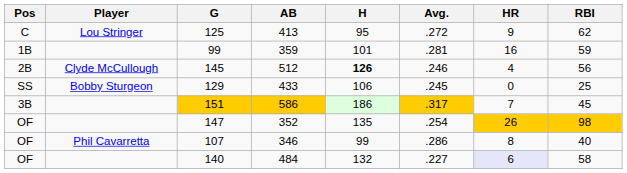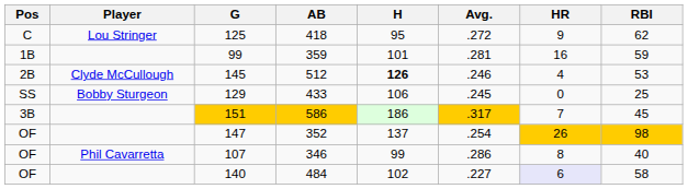 <table class="wikitable sortable">
 <tr>
 <th bgcolor="#DDDDFF" width="5%">Pos</th>
 <th bgcolor="#DDDDFF" width="16%">Player</th>
 <th bgcolor="#DDDDFF" width="9%">G</th>
 <th bgcolor="#DDDDFF" width="9%">AB</th>
 <th bgcolor="#DDDDFF" width="9%">H</th>
 <th bgcolor="#DDDDFF" width="9%">Avg.</th>
 <th bgcolor="#DDDDFF" width="9%">HR</th>
 <th bgcolor="#DDDDFF" width="9%">RBI</th>
 </tr>
 <tr align="center">
 <td>C</td>
 <td><a href='#'>Lou Stringer</a></td>
 <td>125</td>
-<td>413</td>
+<td>418</td>
 <td>95</td>
 <td>.272</td>
 <td>9</td>
 <td>62</td>
 </tr>
 <tr align="center">
 <td>1B</td>
 <td></td>
 <td>99</td>
 <td>359</td>
 <td>101</td>
 <td>.281</td>
 <td>16</td>
 <td>59</td>
 </tr>
 <tr align="center">
 <td>2B</td>
 <td><a href='#'>Clyde McCullough</a></td>
 <td>145</td>
 <td>512</td>
 <td><strong>126</strong></td>
 <td>.246</td>
 <td>4</td>
-<td>56</td>
+<td>53</td>
 </tr>
 <tr align="center">
 <td>SS</td>
 <td><a href='#'>Bobby Sturgeon</a></td>
 <td>129</td>
 <td>433</td>
 <td>106</td>
 <td>.245</td>
 <td>0</td>
 <td>25</td>
 </tr>
 <tr align="center">
 <td>3B</td>
 <td></td>
 <td style="background:#fc0;">151</td>
 <td style="background:#fc0;">586</td>
 <td style="background:#DDFFDD;">186</td>
 <td style="background:#fc0;">.317</td>
 <td>7</td>
 <td>45</td>
 </tr>
 <tr align="center">
 <td>OF</td>
 <td></td>
 <td>147</td>
 <td>352</td>
-<td>135</td>
+<td>137</td>
 <td>.254</td>
 <td style="background:#fc0;">26</td>
 <td style="background:#fc0;">98</td>
 </tr>
 <tr align="center">
 <td>OF</td>
 <td><a href='#'>Phil Cavarretta</a></td>
 <td>107</td>
 <td>346</td>
 <td>99</td>
 <td>.286</td>
 <td>8</td>
 <td>40</td>
 </tr>
 <tr align="center">
 <td>OF</td>
 <td></td>
 <td>140</td>
 <td>484</td>
-<td>132</td>
+<td>102</td>
 <td>.227</td>
 <td style="background: lavender;">6</td>
 <td>58</td>
 </tr>
 </table>
